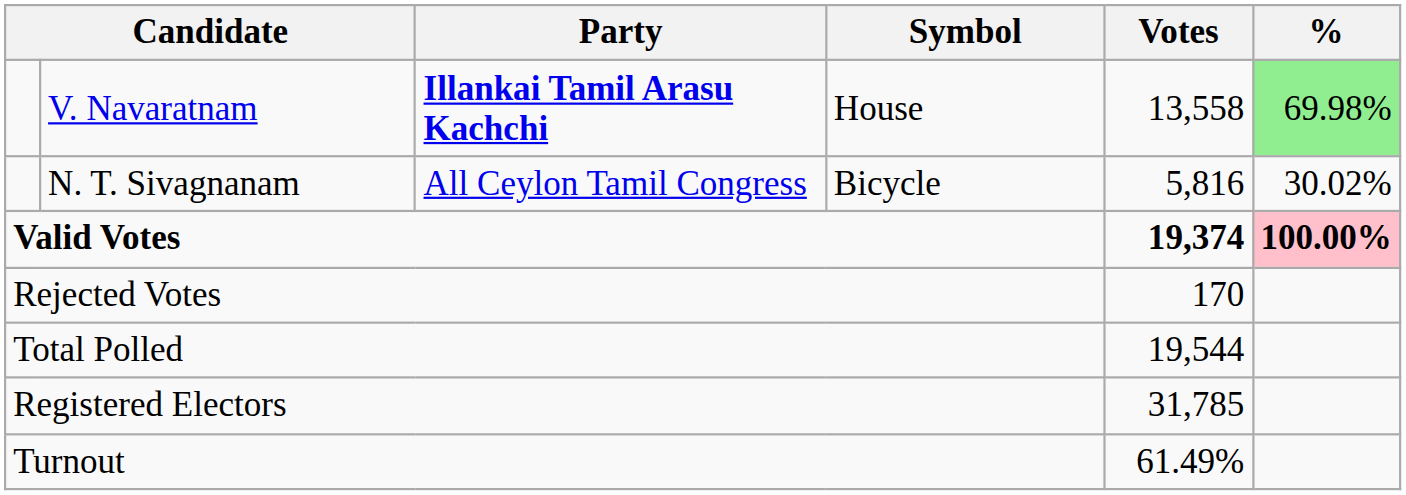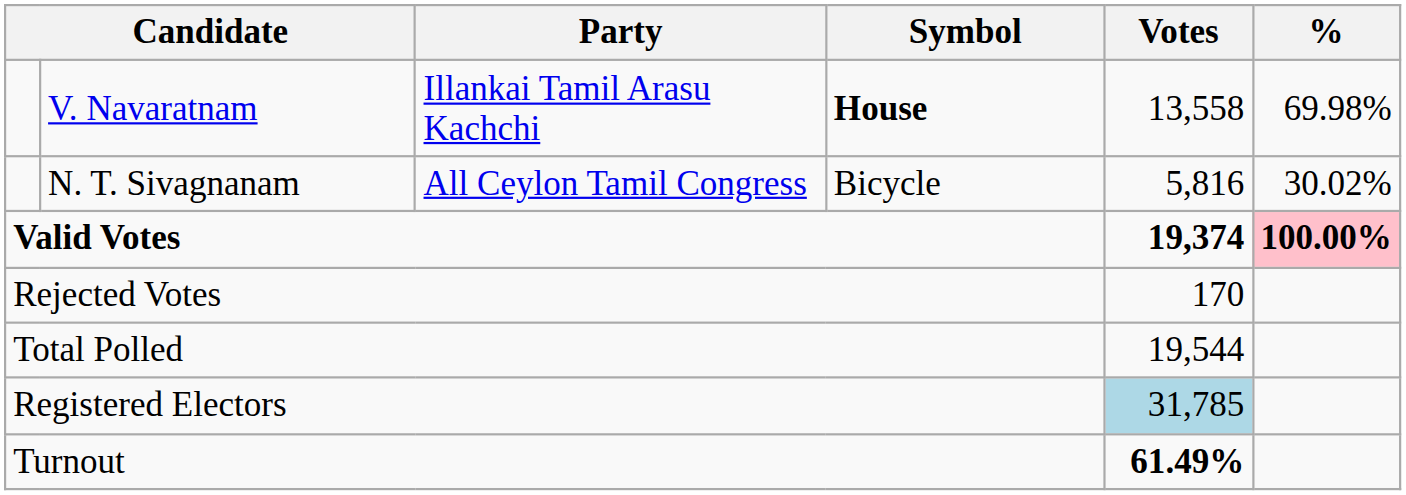 <table class="wikitable" border="1" style="text-align:right;">
 <tr>
 <th align=left colspan=2 width="180">Candidate</th>
 <th align=left width="180">Party</th>
 <th align=left width="120">Symbol</th>
 <th align=left width="60">Votes</th>
 <th align=left width="60">%</th>
 </tr>
 <tr>
 <td bgcolor=> </td>
 <td align=left><a href='#'>V. Navaratnam</a></td>
-<td align=left><strong><a href='#'>Illankai Tamil Arasu Kachchi</a></strong></td>
-<td align=left>House</td>
+<td align=left><a href='#'>Illankai Tamil Arasu Kachchi</a></td>
+<td align=left><strong>House</strong></td>
 <td>13,558</td>
-<td style="background: lightgreen;">69.98%</td>
+<td>69.98%</td>
 </tr>
 <tr>
 <td bgcolor=> </td>
 <td align=left>N. T. Sivagnanam</td>
 <td align=left><a href='#'>All Ceylon Tamil Congress</a></td>
 <td align=left>Bicycle</td>
 <td>5,816</td>
 <td>30.02%</td>
 </tr>
 <tr>
 <td align=left colspan=4><strong>Valid Votes</strong></td>
 <td><strong>19,374</strong></td>
 <td style="background: pink;"><strong>100.00%</strong></td>
 </tr>
 <tr>
 <td align=left colspan=4>Rejected Votes</td>
 <td>170</td>
 <td></td>
 </tr>
 <tr>
 <td align=left colspan=4>Total Polled</td>
 <td>19,544</td>
 <td></td>
 </tr>
 <tr>
 <td align=left colspan=4>Registered Electors</td>
-<td>31,785</td>
+<td style="background: lightblue;">31,785</td>
 <td></td>
 </tr>
 <tr>
 <td align=left colspan=4>Turnout</td>
-<td>61.49%</td>
+<td><strong>61.49%</strong></td>
 </tr>
 </table>
